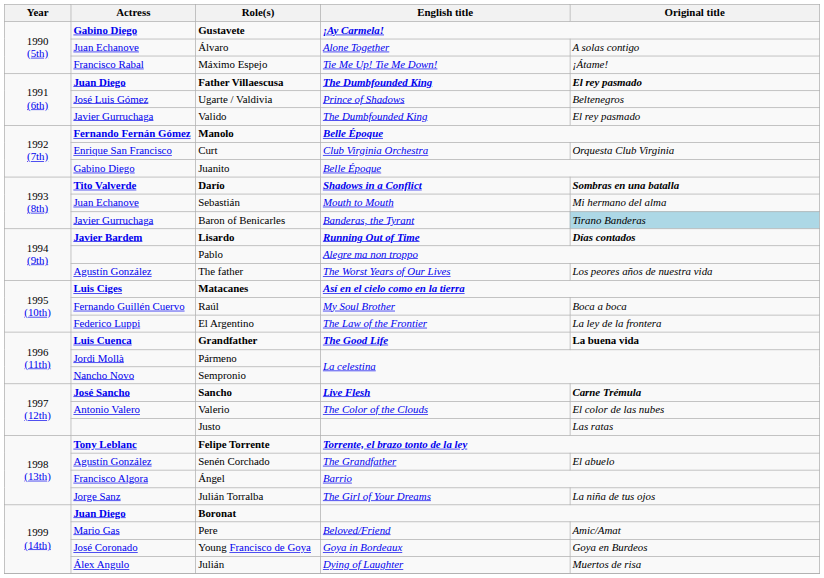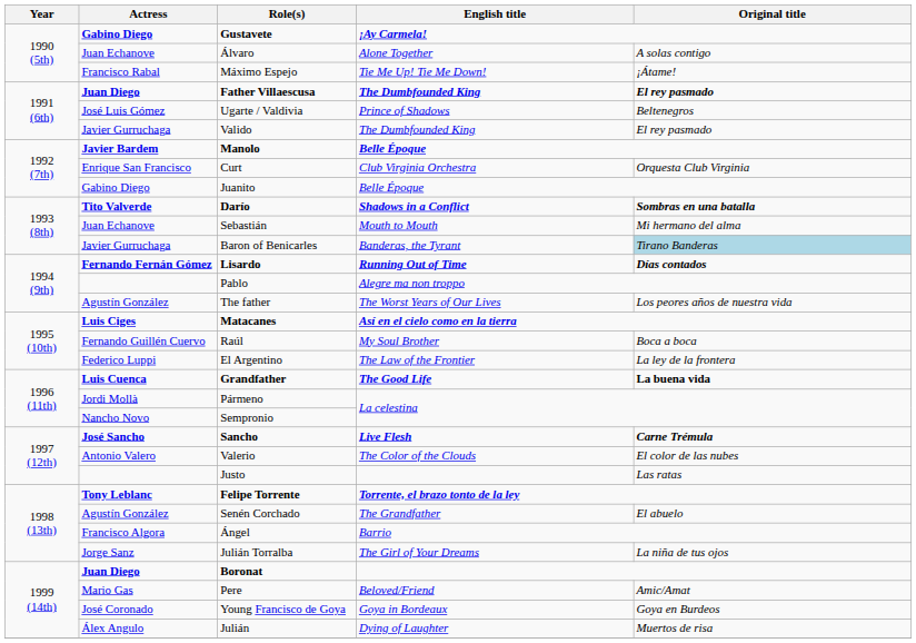 <table class="wikitable sortable" style="text-align:left;">
 <tr>
 <th scope="col" style="width:8%;">Year</th>
 <th scope="col" style="width:15%;">Actress</th>
 <th scope="col" style="width:15%;">Role(s)</th>
 <th scope="col" style="width:30%;">English title</th>
 <th scope="col" style="width:30%;">Original title</th>
 </tr>
 <tr>
 <td rowspan="3" style="text-align:center;">1990<br><a href='#'>(5th)</a></td>
 <td style="background:"><strong><a href='#'>Gabino Diego</a></strong></td>
 <td style="background:"><strong>Gustavete</strong></td>
 <td colspan="2" style="background:"><strong><em><a href='#'>¡Ay Carmela!</a></em></strong></td>
 </tr>
 <tr>
 <td><a href='#'>Juan Echanove</a></td>
 <td>Álvaro</td>
 <td><em><a href='#'>Alone Together</a></em></td>
 <td><em>A solas contigo</em></td>
 </tr>
 <tr>
 <td><a href='#'>Francisco Rabal</a></td>
 <td>Máximo Espejo</td>
 <td><em><a href='#'>Tie Me Up! Tie Me Down!</a></em></td>
 <td><em>¡Átame!</em></td>
 </tr>
 <tr>
 <td rowspan="3" style="text-align:center;">1991<br><a href='#'>(6th)</a></td>
 <td style="background:"><strong><a href='#'>Juan Diego</a></strong></td>
 <td style="background:"><strong>Father Villaescusa</strong></td>
 <td style="background:"><strong><em><a href='#'>The Dumbfounded King</a></em></strong></td>
 <td style="background:"><strong><em>El rey pasmado</em></strong></td>
 </tr>
 <tr>
 <td><a href='#'>José Luis Gómez</a></td>
 <td>Ugarte / Valdivia</td>
 <td><em><a href='#'>Prince of Shadows</a></em></td>
 <td><em>Beltenegros</em></td>
 </tr>
 <tr>
 <td><a href='#'>Javier Gurruchaga</a></td>
 <td>Valido</td>
 <td><em><a href='#'>The Dumbfounded King</a></em></td>
 <td><em>El rey pasmado</em></td>
 </tr>
 <tr>
 <td rowspan="3" style="text-align:center;">1992<br><a href='#'>(7th)</a></td>
-<td style="background:"><strong><a href='#'>Fernando Fernán Gómez</a></strong></td>
+<td style="background:"><strong><a href='#'>Javier Bardem</a></strong></td>
 <td style="background:"><strong>Manolo</strong></td>
 <td colspan="2" style="background:"><strong><em><a href='#'>Belle Époque</a></em></strong></td>
 </tr>
 <tr>
 <td><a href='#'>Enrique San Francisco</a></td>
 <td>Curt</td>
 <td><em><a href='#'>Club Virginia Orchestra</a></em></td>
 <td><em>Orquesta Club Virginia</em></td>
 </tr>
 <tr>
 <td><a href='#'>Gabino Diego</a></td>
 <td>Juanito</td>
 <td colspan="2"><em><a href='#'>Belle Époque</a></em></td>
 </tr>
 <tr>
 <td rowspan="3" style="text-align:center;">1993<br><a href='#'>(8th)</a></td>
 <td style="background:"><strong><a href='#'>Tito Valverde</a></strong></td>
 <td style="background:"><strong>Darío</strong></td>
 <td style="background:"><strong><em><a href='#'>Shadows in a Conflict</a></em></strong></td>
 <td style="background:"><strong><em>Sombras en una batalla</em></strong></td>
 </tr>
 <tr>
 <td><a href='#'>Juan Echanove</a></td>
 <td>Sebastián</td>
 <td><em><a href='#'>Mouth to Mouth</a></em></td>
 <td><em>Mi hermano del alma</em></td>
 </tr>
 <tr>
 <td><a href='#'>Javier Gurruchaga</a></td>
 <td>Baron of Benicarles</td>
 <td><em><a href='#'>Banderas, the Tyrant</a></em></td>
 <td style="background: lightblue;"><em>Tirano Banderas</em></td>
 </tr>
 <tr>
 <td rowspan="3" style="text-align:center;">1994<br><a href='#'>(9th)</a></td>
-<td style="background:"><strong><a href='#'>Javier Bardem</a></strong></td>
+<td style="background:"><strong><a href='#'>Fernando Fernán Gómez</a></strong></td>
 <td style="background:"><strong>Lisardo</strong></td>
 <td style="background:"><strong><em><a href='#'>Running Out of Time</a></em></strong></td>
 <td style="background:"><strong><em>Días contados</em></strong></td>
 </tr>
 <tr>
 <td></td>
 <td>Pablo</td>
 <td colspan="2"><em><a href='#'>Alegre ma non troppo</a></em></td>
 </tr>
 <tr>
 <td><a href='#'>Agustín González</a></td>
 <td>The father</td>
 <td><em><a href='#'>The Worst Years of Our Lives</a></em></td>
 <td><em>Los peores años de nuestra vida</em></td>
 </tr>
 <tr>
 <td rowspan="3" style="text-align:center;">1995<br><a href='#'>(10th)</a></td>
 <td style="background:"><strong><a href='#'>Luis Ciges</a></strong></td>
 <td style="background:"><strong>Matacanes</strong></td>
 <td colspan="2" style="background:"><strong><em><a href='#'>Así en el cielo como en la tierra</a></em></strong></td>
 </tr>
 <tr>
 <td><a href='#'>Fernando Guillén Cuervo</a></td>
 <td>Raúl</td>
 <td><em><a href='#'>My Soul Brother</a></em></td>
 <td><em>Boca a boca</em></td>
 </tr>
 <tr>
 <td><a href='#'>Federico Luppi</a></td>
 <td>El Argentino</td>
 <td><em><a href='#'>The Law of the Frontier</a></em></td>
 <td><em>La ley de la frontera</em></td>
 </tr>
 <tr>
 <td rowspan="3" style="text-align:center;">1996<br><a href='#'>(11th)</a></td>
 <td style="background:"><strong><a href='#'>Luis Cuenca</a></strong></td>
 <td style="background:"><strong>Grandfather</strong></td>
 <td style="background:"><strong><em><a href='#'>The Good Life</a></em></strong></td>
 <td style="background:"><strong>La buena vida</strong></td>
 </tr>
 <tr>
 <td><a href='#'>Jordi Mollà</a></td>
 <td>Pármeno</td>
 <td colspan="2" rowspan="2"><em><a href='#'>La celestina</a></em></td>
 </tr>
 <tr>
 <td><a href='#'>Nancho Novo</a></td>
 <td>Sempronio</td>
 </tr>
 <tr>
 <td rowspan="3" style="text-align:center;">1997<br><a href='#'>(12th)</a></td>
 <td style="background:"><strong><a href='#'>José Sancho</a></strong></td>
 <td style="background:"><strong>Sancho</strong></td>
 <td style="background:"><strong><em><a href='#'>Live Flesh</a></em></strong></td>
 <td style="background:"><strong><em>Carne Trémula</em></strong></td>
 </tr>
 <tr>
 <td><a href='#'>Antonio Valero</a></td>
 <td>Valerio</td>
 <td><em><a href='#'>The Color of the Clouds</a></em></td>
 <td><em>El color de las nubes</em></td>
 </tr>
 <tr>
 <td></td>
 <td>Justo</td>
 <td><em></em></td>
 <td><em>Las ratas</em></td>
 </tr>
 <tr>
 <td rowspan="4" style="text-align:center;">1998<br><a href='#'>(13th)</a></td>
 <td style="background:"><strong><a href='#'>Tony Leblanc</a></strong></td>
 <td style="background:"><strong>Felipe Torrente</strong></td>
 <td colspan="2" style="background:"><strong><em><a href='#'>Torrente, el brazo tonto de la ley</a></em></strong></td>
 </tr>
 <tr>
 <td><a href='#'>Agustín González</a></td>
 <td>Senén Corchado</td>
 <td><em><a href='#'>The Grandfather</a></em></td>
 <td><em>El abuelo</em></td>
 </tr>
 <tr>
 <td><a href='#'>Francisco Algora</a></td>
 <td>Ángel</td>
 <td colspan="2"><em><a href='#'>Barrio</a></em></td>
 </tr>
 <tr>
 <td><a href='#'>Jorge Sanz</a></td>
 <td>Julián Torralba</td>
 <td><em><a href='#'>The Girl of Your Dreams</a></em></td>
 <td><em>La niña de tus ojos</em></td>
 </tr>
 <tr>
 <td rowspan="4" style="text-align:center;">1999<br><a href='#'>(14th)</a></td>
 <td style="background:"><strong><a href='#'>Juan Diego</a></strong></td>
 <td style="background:"><strong>Boronat</strong></td>
 <td colspan="2" style="background:"><strong><em></em></strong></td>
 </tr>
 <tr>
 <td><a href='#'>Mario Gas</a></td>
 <td>Pere</td>
 <td><em><a href='#'>Beloved/Friend</a></em></td>
 <td><em>Amic/Amat</em></td>
 </tr>
 <tr>
 <td><a href='#'>José Coronado</a></td>
 <td>Young <a href='#'>Francisco de Goya</a></td>
 <td><em><a href='#'>Goya in Bordeaux</a></em></td>
 <td><em>Goya en Burdeos</em></td>
 </tr>
 <tr>
 <td><a href='#'>Álex Angulo</a></td>
 <td>Julián</td>
 <td><em><a href='#'>Dying of Laughter</a></em></td>
 <td><em>Muertos de risa</em></td>
 </tr>
 <tr>
 </tr>
 </table>
